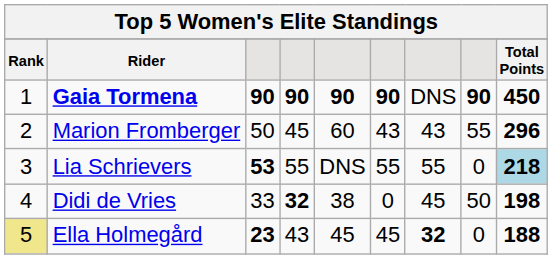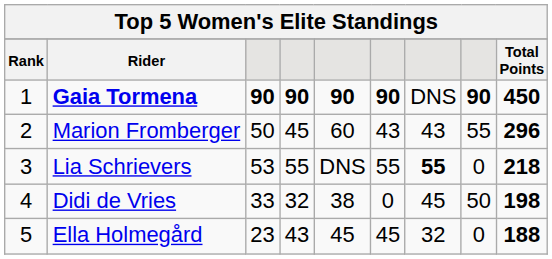 <table class="wikitable sortable">
 <tr>
 <th colspan=27 align="center"><strong>Top 5 Women's Elite Standings</strong></th>
 </tr>
 <tr>
 </tr>
 <tr style="font-size:8pt;font-weight:bold">
 <th align="center">Rank</th>
 <th align="center">Rider</th>
 <th class=unsortable style="background:#E5E4E2;"><small></small></th>
 <th class=unsortable style="background:#E5E4E2;"><small></small></th>
 <th class=unsortable style="background:#E5E4E2;"><small></small></th>
 <th class=unsortable style="background:#E5E4E2;"><small></small></th>
 <th class=unsortable style="background:#E5E4E2;"><small></small></th>
 <th class=unsortable style="background:#E5E4E2;"><small></small></th>
 <th align="center">Total<br>Points</th>
 </tr>
 <tr>
 <td align=center>1</td>
 <td> <strong><a href='#'>Gaia Tormena</a></strong></td>
 <td align=center><strong>90</strong></td>
 <td align=center><strong>90</strong></td>
 <td align=center><strong>90</strong></td>
 <td align=center><strong>90</strong></td>
 <td align=center>DNS</td>
 <td align=center><strong>90</strong></td>
 <td align=center><strong>450</strong></td>
 </tr>
 <tr>
 <td align=center>2</td>
 <td> <a href='#'>Marion Fromberger</a></td>
 <td align=center>50</td>
 <td align=center>45</td>
 <td align=center>60</td>
 <td align=center>43</td>
 <td align=center>43</td>
 <td align=center>55</td>
 <td align=center><strong>296</strong></td>
 </tr>
 <tr>
 <td align=center>3</td>
 <td> <a href='#'>Lia Schrievers</a></td>
-<td align=center><strong>53</strong></td>
+<td align=center>53</td>
 <td align=center>55</td>
 <td align=center>DNS</td>
 <td align=center>55</td>
-<td align=center>55</td>
+<td align=center><strong>55</strong></td>
 <td align=center>0</td>
-<td align=center style="background: lightblue;"><strong>218</strong></td>
+<td align=center><strong>218</strong></td>
 </tr>
 <tr>
 <td align=center>4</td>
 <td> <a href='#'>Didi de Vries</a></td>
 <td align=center>33</td>
-<td align=center><strong>32</strong></td>
+<td align=center>32</td>
 <td align=center>38</td>
 <td align=center>0</td>
 <td align=center>45</td>
 <td align=center>50</td>
 <td align=center><strong>198</strong></td>
 </tr>
 <tr>
-<td align=center style="background: khaki;">5</td>
+<td align=center>5</td>
 <td> <a href='#'>Ella Holmegård</a></td>
-<td align=center><strong>23</strong></td>
+<td align=center>23</td>
 <td align=center>43</td>
 <td align=center>45</td>
 <td align=center>45</td>
-<td align=center><strong>32</strong></td>
+<td align=center>32</td>
 <td align=center>0</td>
 <td align=center><strong>188</strong></td>
 </tr>
 </table>
